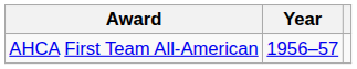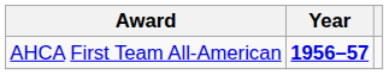 <table class="wikitable">
 <tr>
 <th>Award</th>
 <th>Year</th>
 <th></th>
 </tr>
 <tr>
 <td><a href='#'>AHCA</a> <a href='#'>First Team All-American</a></td>
-<td><a href='#'>1956–57</a></td>
+<td><strong><a href='#'>1956–57</a></strong></td>
 <td></td>
 </tr>
 <tr>
 </tr>
 </table>
